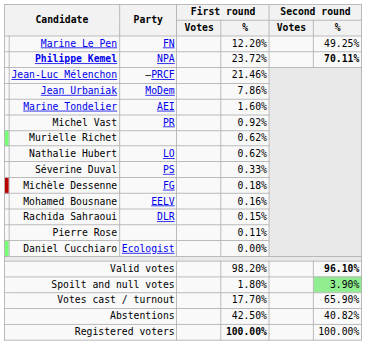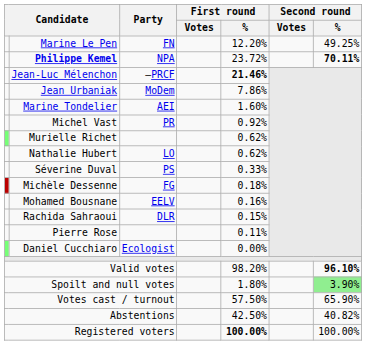 <table class="wikitable" style="text-align:right;font-size:95%;">
 <tr>
 <th rowspan=2 colspan=2>Candidate</th>
 <th rowspan=2 colspan=1>Party</th>
 <th colspan=2>First round</th>
 <th colspan=2>Second round</th>
 </tr>
 <tr>
 <th style="width:50px;">Votes</th>
 <th style="width:55px;">%</th>
 <th style="width:50px;">Votes</th>
 <th style="width:55px;">%</th>
 </tr>
 <tr>
 <td style="color:inherit;background-color:"></td>
 <td><a href='#'>Marine Le Pen</a></td>
 <td><a href='#'>FN</a></td>
 <td></td>
 <td>12.20%</td>
 <td></td>
 <td>49.25%</td>
 </tr>
 <tr>
 <td style="color:inherit;background-color:"></td>
 <td><strong><a href='#'>Philippe Kemel</a></strong></td>
 <td><a href='#'>NPA</a></td>
 <td></td>
 <td>23.72%</td>
 <td><strong></strong></td>
 <td><strong>70.11%</strong></td>
 </tr>
 <tr>
 <td style="color:inherit;background-color:"></td>
 <td><a href='#'>Jean-Luc Mélenchon</a></td>
 <td>–<a href='#'>PRCF</a></td>
 <td></td>
-<td>21.46%</td>
+<td><strong>21.46%</strong></td>
 <td colspan=7 rowspan=12 style="background-color:#E9E9E9;"></td>
 </tr>
 <tr>
 <td style="color:inherit;background-color:"></td>
 <td><a href='#'>Jean Urbaniak</a></td>
 <td><a href='#'>MoDem</a></td>
 <td></td>
 <td>7.86%</td>
 </tr>
 <tr>
 <td style="color:inherit;background-color:"></td>
 <td><a href='#'>Marine Tondelier</a></td>
 <td><a href='#'>AEI</a></td>
 <td></td>
 <td>1.60%</td>
 </tr>
 <tr>
 <td style="color:inherit;background-color:"></td>
 <td>Michel Vast</td>
 <td><a href='#'>PR</a></td>
 <td></td>
 <td>0.92%</td>
 </tr>
 <tr>
 <td style="background-color:#77ff77;"></td>
 <td>Murielle Richet</td>
 <td></td>
 <td></td>
 <td>0.62%</td>
 </tr>
 <tr>
 <td style="color:inherit;background-color:"></td>
 <td>Nathalie Hubert</td>
 <td><a href='#'>LO</a></td>
 <td></td>
 <td>0.62%</td>
 </tr>
 <tr>
 <td style="color:inherit;background-color:"></td>
 <td>Séverine Duval</td>
 <td><a href='#'>PS</a></td>
 <td></td>
 <td>0.33%</td>
 </tr>
 <tr>
 <td style="background-color:#bb0000;"></td>
 <td>Michèle Dessenne</td>
 <td><a href='#'>FG</a></td>
 <td></td>
 <td>0.18%</td>
 </tr>
 <tr>
 <td style="color:inherit;background-color:"></td>
 <td>Mohamed Bousnane</td>
 <td><a href='#'>EELV</a></td>
 <td></td>
 <td>0.16%</td>
 </tr>
 <tr>
 <td style="color:inherit;background-color:"></td>
 <td>Rachida Sahraoui</td>
 <td><a href='#'>DLR</a></td>
 <td></td>
 <td>0.15%</td>
 </tr>
 <tr>
 <td style="color:inherit;background-color:"></td>
 <td>Pierre Rose</td>
 <td> </td>
 <td></td>
 <td>0.11%</td>
 </tr>
 <tr>
 <td style="background-color:#77ff77;"></td>
 <td>Daniel Cucchiaro</td>
 <td><a href='#'>Ecologist</a></td>
 <td></td>
 <td>0.00%</td>
 </tr>
 <tr>
 <td colspan=7 style="background-color:#E9E9E9;"></td>
 </tr>
 <tr>
 <td colspan=3>Valid votes</td>
 <td></td>
 <td>98.20%</td>
 <td></td>
 <td><strong>96.10%</strong></td>
 </tr>
 <tr>
 <td colspan=3>Spoilt and null votes</td>
 <td></td>
 <td>1.80%</td>
 <td></td>
 <td style="background: lightgreen;">3.90%</td>
 </tr>
 <tr>
 <td colspan=3>Votes cast / turnout</td>
 <td></td>
-<td>17.70%</td>
+<td>57.50%</td>
 <td></td>
 <td>65.90%</td>
 </tr>
 <tr>
 <td colspan=3>Abstentions</td>
 <td></td>
 <td>42.50%</td>
 <td></td>
 <td>40.82%</td>
 </tr>
 <tr>
 <td colspan=3>Registered voters</td>
 <td></td>
 <td><strong>100.00%</strong></td>
 <td></td>
 <td>100.00%</td>
 </tr>
 </table>
